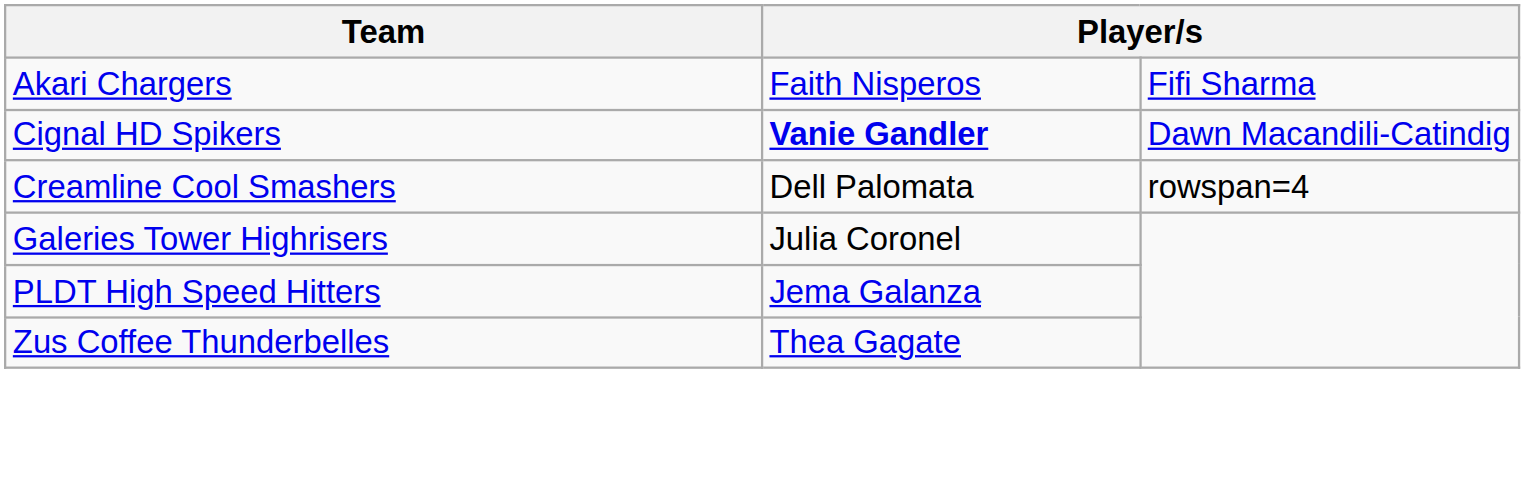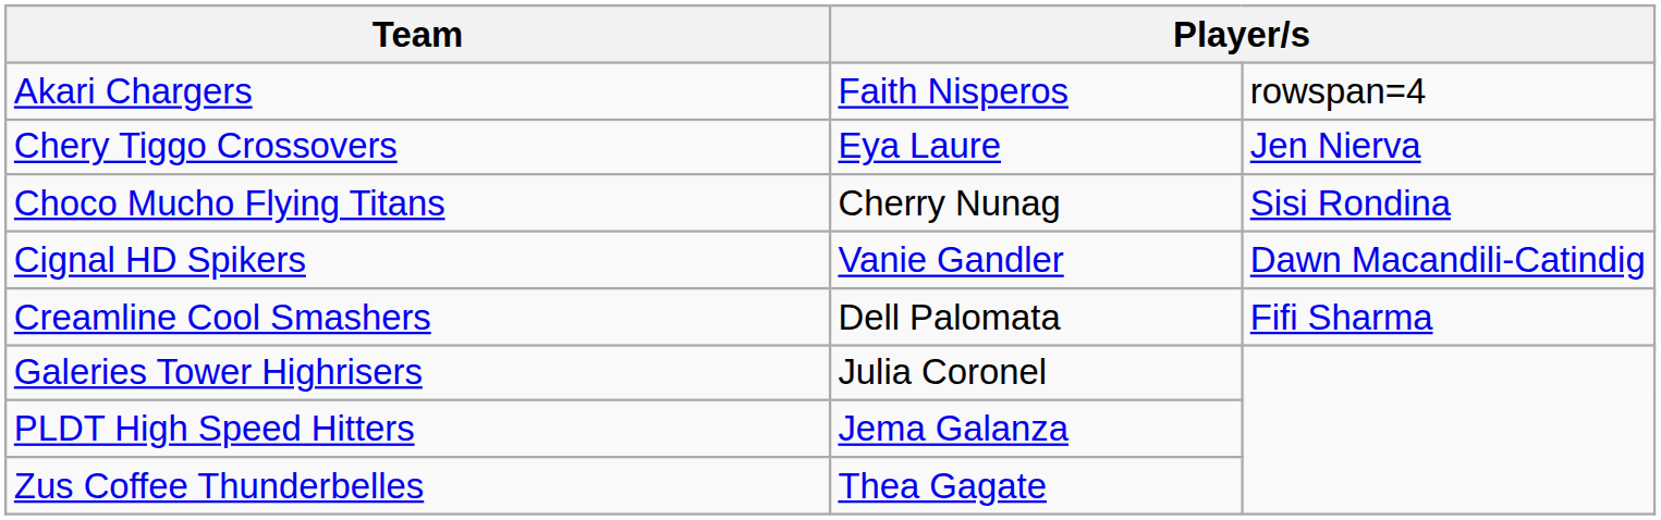 <table class="wikitable" style="font-size:90%;">
 <tr>
 <th style="width:50%">Team</th>
 <th style="width:50%" colspan=2>Player/s</th>
 </tr>
 <tr>
 <td><a href='#'>Akari Chargers</a></td>
 <td style="width:25%"><a href='#'>Faith Nisperos</a></td>
-<td style="width:25%"><a href='#'>Fifi Sharma</a></td>
+<td>rowspan=4 </td>
+</tr>
+<tr>
+<td><a href='#'>Chery Tiggo Crossovers</a></td>
+<td><a href='#'>Eya Laure</a></td>
+<td><a href='#'>Jen Nierva</a></td>
+</tr>
+<tr>
+<td><a href='#'>Choco Mucho Flying Titans</a></td>
+<td>Cherry Nunag</td>
+<td><a href='#'>Sisi Rondina</a></td>
 </tr>
 <tr>
 <td><a href='#'>Cignal HD Spikers</a></td>
-<td><strong><a href='#'>Vanie Gandler</a></strong></td>
+<td><a href='#'>Vanie Gandler</a></td>
 <td><a href='#'>Dawn Macandili-Catindig</a></td>
 </tr>
 <tr>
 <td><a href='#'>Creamline Cool Smashers</a></td>
 <td>Dell Palomata</td>
-<td>rowspan=4 </td>
+<td style="width:25%"><a href='#'>Fifi Sharma</a></td>
 </tr>
 <tr>
 <td><a href='#'>Galeries Tower Highrisers</a></td>
 <td>Julia Coronel</td>
 </tr>
 <tr>
 <td><a href='#'>PLDT High Speed Hitters</a></td>
 <td><a href='#'>Jema Galanza</a></td>
 </tr>
 <tr>
 <td><a href='#'>Zus Coffee Thunderbelles</a></td>
 <td><a href='#'>Thea Gagate</a></td>
 </tr>
 </table>
